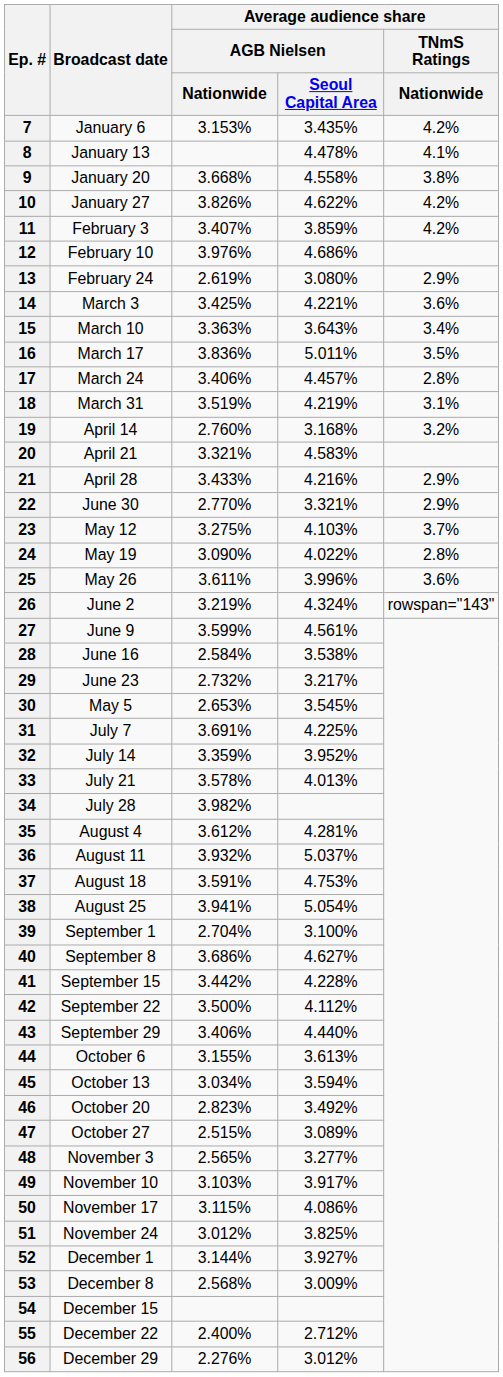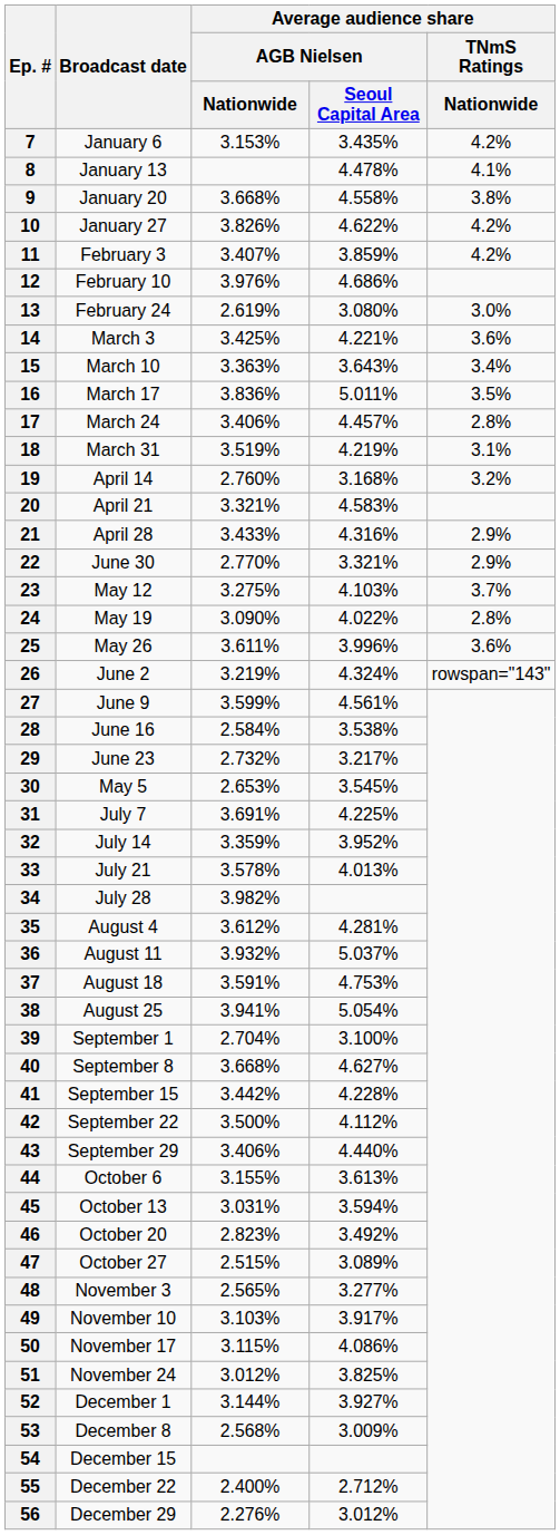 <table class="wikitable" style="text-align:center">
 <tr>
 <th rowspan="3">Ep. #</th>
 <th rowspan="3">Broadcast date</th>
 <th colspan="3">Average audience share</th>
 </tr>
 <tr>
 <th colspan="2">AGB Nielsen</th>
 <th colspan="1">TNmS Ratings</th>
 </tr>
 <tr>
 <th width=100>Nationwide</th>
 <th width=100><a href='#'>Seoul Capital Area</a></th>
 <th width=100>Nationwide</th>
 </tr>
 <tr>
 <th>7</th>
 <td>January 6</td>
 <td>3.153%</td>
 <td>3.435%</td>
 <td>4.2%</td>
 </tr>
 <tr>
 <th>8</th>
 <td>January 13</td>
 <td></td>
 <td>4.478%</td>
 <td>4.1%</td>
 </tr>
 <tr>
 <th>9</th>
 <td>January 20</td>
 <td>3.668%</td>
 <td>4.558%</td>
 <td>3.8%</td>
 </tr>
 <tr>
 <th>10</th>
 <td>January 27</td>
 <td>3.826%</td>
 <td>4.622%</td>
 <td>4.2%</td>
 </tr>
 <tr>
 <th>11</th>
 <td>February 3</td>
 <td>3.407%</td>
 <td>3.859%</td>
 <td>4.2%</td>
 </tr>
 <tr>
 <th>12</th>
 <td>February 10</td>
 <td>3.976%</td>
 <td>4.686%</td>
 <td></td>
 </tr>
 <tr>
 <th>13</th>
 <td>February 24</td>
 <td>2.619%</td>
 <td>3.080%</td>
-<td>2.9%</td>
+<td>3.0%</td>
 </tr>
 <tr>
 <th>14</th>
 <td>March 3</td>
 <td>3.425%</td>
 <td>4.221%</td>
 <td>3.6%</td>
 </tr>
 <tr>
 <th>15</th>
 <td>March 10</td>
 <td>3.363%</td>
 <td>3.643%</td>
 <td>3.4%</td>
 </tr>
 <tr>
 <th>16</th>
 <td>March 17</td>
 <td>3.836%</td>
 <td>5.011%</td>
 <td>3.5%</td>
 </tr>
 <tr>
 <th>17</th>
 <td>March 24</td>
 <td>3.406%</td>
 <td>4.457%</td>
 <td>2.8%</td>
 </tr>
 <tr>
 <th>18</th>
 <td>March 31</td>
 <td>3.519%</td>
 <td>4.219%</td>
 <td>3.1%</td>
 </tr>
 <tr>
 <th>19</th>
 <td>April 14</td>
 <td>2.760%</td>
 <td>3.168%</td>
 <td>3.2%</td>
 </tr>
 <tr>
 <th>20</th>
 <td>April 21</td>
 <td>3.321%</td>
 <td>4.583%</td>
 <td></td>
 </tr>
 <tr>
 <th>21</th>
 <td>April 28</td>
 <td>3.433%</td>
-<td>4.216%</td>
+<td>4.316%</td>
 <td>2.9%</td>
 </tr>
 <tr>
 <th>22</th>
 <td>June 30</td>
 <td>2.770%</td>
 <td>3.321%</td>
 <td>2.9%</td>
 </tr>
 <tr>
 <th>23</th>
 <td>May 12</td>
 <td>3.275%</td>
 <td>4.103%</td>
 <td>3.7%</td>
 </tr>
 <tr>
 <th>24</th>
 <td>May 19</td>
 <td>3.090%</td>
 <td>4.022%</td>
 <td>2.8%</td>
 </tr>
 <tr>
 <th>25</th>
 <td>May 26</td>
 <td>3.611%</td>
 <td>3.996%</td>
 <td>3.6%</td>
 </tr>
 <tr>
 <th>26</th>
 <td>June 2</td>
 <td>3.219%</td>
 <td>4.324%</td>
 <td>rowspan="143" </td>
 </tr>
 <tr>
 <th>27</th>
 <td>June 9</td>
 <td>3.599%</td>
 <td>4.561%</td>
 </tr>
 <tr>
 <th>28</th>
 <td>June 16</td>
 <td>2.584%</td>
 <td>3.538%</td>
 </tr>
 <tr>
 <th>29</th>
 <td>June 23</td>
 <td>2.732%</td>
 <td>3.217%</td>
 </tr>
 <tr>
 <th>30</th>
 <td>May 5</td>
 <td>2.653%</td>
 <td>3.545%</td>
 </tr>
 <tr>
 <th>31</th>
 <td>July 7</td>
 <td>3.691%</td>
 <td>4.225%</td>
 </tr>
 <tr>
 <th>32</th>
 <td>July 14</td>
 <td>3.359%</td>
 <td>3.952%</td>
 </tr>
 <tr>
 <th>33</th>
 <td>July 21</td>
 <td>3.578%</td>
 <td>4.013%</td>
 </tr>
 <tr>
 <th>34</th>
 <td>July 28</td>
 <td>3.982%</td>
 <td></td>
 </tr>
 <tr>
 <th>35</th>
 <td>August 4</td>
 <td>3.612%</td>
 <td>4.281%</td>
 </tr>
 <tr>
 <th>36</th>
 <td>August 11</td>
 <td>3.932%</td>
 <td>5.037%</td>
 </tr>
 <tr>
 <th>37</th>
 <td>August 18</td>
 <td>3.591%</td>
 <td>4.753%</td>
 </tr>
 <tr>
 <th>38</th>
 <td>August 25</td>
 <td>3.941%</td>
 <td>5.054%</td>
 </tr>
 <tr>
 <th>39</th>
 <td>September 1</td>
 <td>2.704%</td>
 <td>3.100%</td>
 </tr>
 <tr>
 <th>40</th>
 <td>September 8</td>
-<td>3.686%</td>
+<td>3.668%</td>
 <td>4.627%</td>
 </tr>
 <tr>
 <th>41</th>
 <td>September 15</td>
 <td>3.442%</td>
 <td>4.228%</td>
 </tr>
 <tr>
 <th>42</th>
 <td>September 22</td>
 <td>3.500%</td>
 <td>4.112%</td>
 </tr>
 <tr>
 <th>43</th>
 <td>September 29</td>
 <td>3.406%</td>
 <td>4.440%</td>
 </tr>
 <tr>
 <th>44</th>
 <td>October 6</td>
 <td>3.155%</td>
 <td>3.613%</td>
 </tr>
 <tr>
 <th>45</th>
 <td>October 13</td>
-<td>3.034%</td>
+<td>3.031%</td>
 <td>3.594%</td>
 </tr>
 <tr>
 <th>46</th>
 <td>October 20</td>
 <td>2.823%</td>
 <td>3.492%</td>
 </tr>
 <tr>
 <th>47</th>
 <td>October 27</td>
 <td>2.515%</td>
 <td>3.089%</td>
 </tr>
 <tr>
 <th>48</th>
 <td>November 3</td>
 <td>2.565%</td>
 <td>3.277%</td>
 </tr>
 <tr>
 <th>49</th>
 <td>November 10</td>
 <td>3.103%</td>
 <td>3.917%</td>
 </tr>
 <tr>
 <th>50</th>
 <td>November 17</td>
 <td>3.115%</td>
 <td>4.086%</td>
 </tr>
 <tr>
 <th>51</th>
 <td>November 24</td>
 <td>3.012%</td>
 <td>3.825%</td>
 </tr>
 <tr>
 <th>52</th>
 <td>December 1</td>
 <td>3.144%</td>
 <td>3.927%</td>
 </tr>
 <tr>
 <th>53</th>
 <td>December 8</td>
 <td>2.568%</td>
 <td>3.009%</td>
 </tr>
 <tr>
 <th>54</th>
 <td>December 15</td>
 <td></td>
 <td></td>
 </tr>
 <tr>
 <th>55</th>
 <td>December 22</td>
 <td>2.400%</td>
 <td>2.712%</td>
 </tr>
 <tr>
 <th>56</th>
 <td>December 29</td>
 <td>2.276%</td>
 <td>3.012%</td>
 </tr>
 </table>
